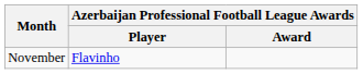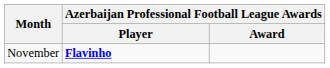 <table class="wikitable">
 <tr>
 <th rowspan=2>Month</th>
 <th colspan=2>Azerbaijan Professional Football League Awards</th>
 </tr>
 <tr>
 <th>Player</th>
 <th>Award</th>
 </tr>
 <tr>
 <td>November</td>
-<td> <a href='#'>Flavinho</a></td>
+<td><strong> <a href='#'>Flavinho</a></strong></td>
 <td></td>
 </tr>
 </table>
